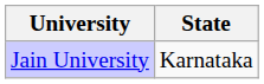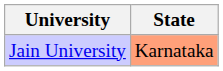 <table class="wikitable collapsible collapsed sortable" style="border:0;">
 <tr>
 <th>University</th>
 <th>State</th>
 </tr>
 <tr>
 <td style="background-color:#ccccff"><a href='#'>Jain University</a></td>
-<td>Karnataka</td>
+<td style="background: lightsalmon;">Karnataka</td>
 </tr>
 </table>
